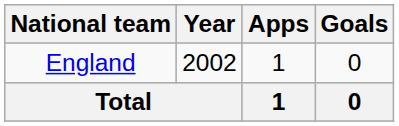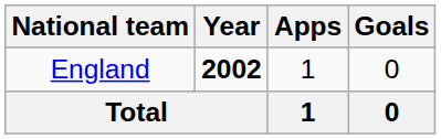 <table class=wikitable plainrowheaders style="text-align:center">
 <tr>
 <th>National team</th>
 <th>Year</th>
 <th>Apps</th>
 <th>Goals</th>
 </tr>
 <tr>
 <td><a href='#'>England</a></td>
-<td>2002</td>
+<td><strong>2002</strong></td>
 <td>1</td>
 <td>0</td>
 </tr>
 <tr>
 <th colspan=2>Total</th>
 <th>1</th>
 <th>0</th>
 </tr>
 </table>
